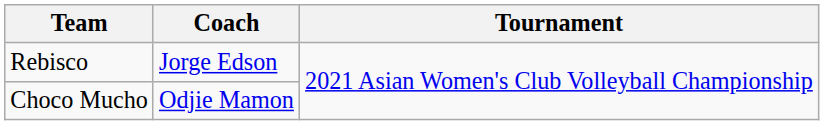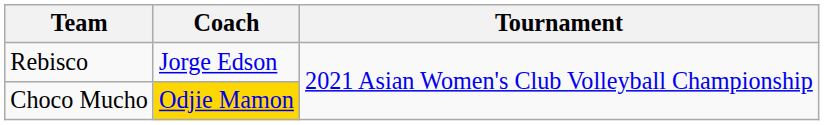 <table class="wikitable">
 <tr>
 <th>Team</th>
 <th>Coach</th>
 <th>Tournament</th>
 </tr>
 <tr>
 <td>Rebisco</td>
 <td> <a href='#'>Jorge Edson</a></td>
 <td rowspan=2><a href='#'>2021 Asian Women's Club Volleyball Championship</a></td>
 </tr>
 <tr>
 <td>Choco Mucho</td>
-<td> <a href='#'>Odjie Mamon</a></td>
+<td style="background: gold;"> <a href='#'>Odjie Mamon</a></td>
 </tr>
 </table>
